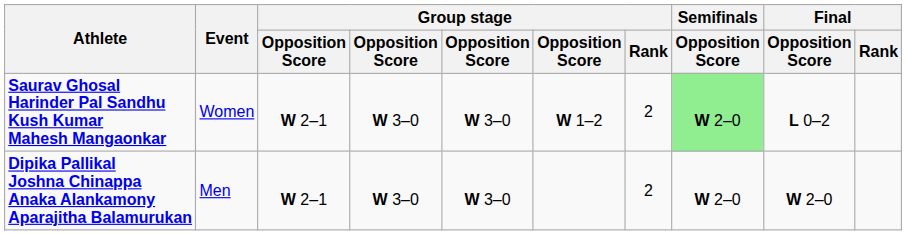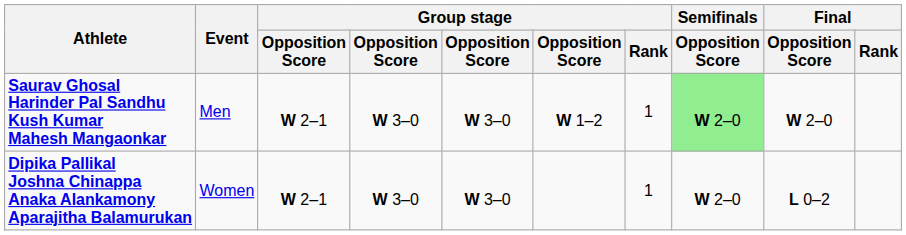 <table class=wikitable style="text-align:center; font-size:90%">
 <tr>
 <th rowspan="2">Athlete</th>
 <th rowspan=2>Event</th>
 <th colspan=5>Group stage</th>
 <th>Semifinals</th>
 <th colspan=2>Final</th>
 </tr>
 <tr>
 <th>Opposition<br>Score</th>
 <th>Opposition<br>Score</th>
 <th>Opposition<br>Score</th>
 <th>Opposition<br>Score</th>
 <th>Rank</th>
 <th>Opposition<br>Score</th>
 <th>Opposition<br>Score</th>
 <th>Rank</th>
 </tr>
 <tr>
 <td align=left><strong><a href='#'>Saurav Ghosal</a><br><a href='#'>Harinder Pal Sandhu</a><br><a href='#'>Kush Kumar</a><br><a href='#'>Mahesh Mangaonkar</a></strong></td>
+<td align=left><a href='#'>Men</a></td>
+<td><br><strong>W</strong> 2–1</td>
+<td><br><strong>W</strong> 3–0</td>
+<td><br><strong>W</strong> 3–0</td>
+<td><br><strong>W</strong> 1–2</td>
+<td>1</td>
+<td style="background: lightgreen;"><br><strong>W</strong> 2–0</td>
+<td><br><strong>W</strong> 2–0</td>
+<td></td>
+</tr>
+<tr>
+<td align=left><strong><a href='#'>Dipika Pallikal</a><br><a href='#'>Joshna Chinappa</a><br><a href='#'>Anaka Alankamony</a><br><a href='#'>Aparajitha Balamurukan</a></strong></td>
 <td align=left><a href='#'>Women</a></td>
 <td><br><strong>W</strong> 2–1</td>
 <td><br><strong>W</strong> 3–0</td>
 <td><br><strong>W</strong> 3–0</td>
-<td><br><strong>W</strong> 1–2</td>
-<td>2</td>
-<td style="background: lightgreen;"><br><strong>W</strong> 2–0</td>
+<td></td>
+<td>1</td>
+<td><br><strong>W</strong> 2–0</td>
 <td><br><strong>L</strong> 0–2</td>
 <td></td>
 </tr>
-<tr>
-<td align=left><strong><a href='#'>Dipika Pallikal</a><br><a href='#'>Joshna Chinappa</a><br><a href='#'>Anaka Alankamony</a><br><a href='#'>Aparajitha Balamurukan</a></strong></td>
-<td align=left><a href='#'>Men</a></td>
-<td><br><strong>W</strong> 2–1</td>
-<td><br><strong>W</strong> 3–0</td>
-<td><br><strong>W</strong> 3–0</td>
-<td></td>
-<td>2</td>
-<td><br><strong>W</strong> 2–0</td>
-<td><br><strong>W</strong> 2–0</td>
-<td></td>
-</tr>
 </table>
